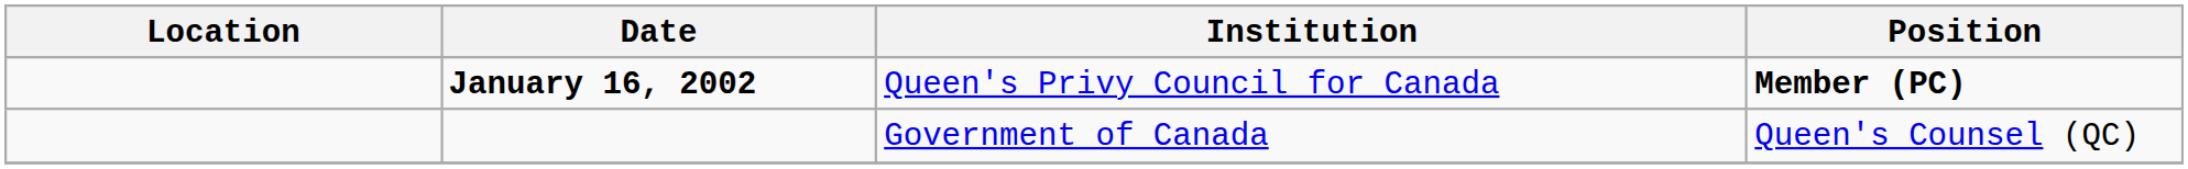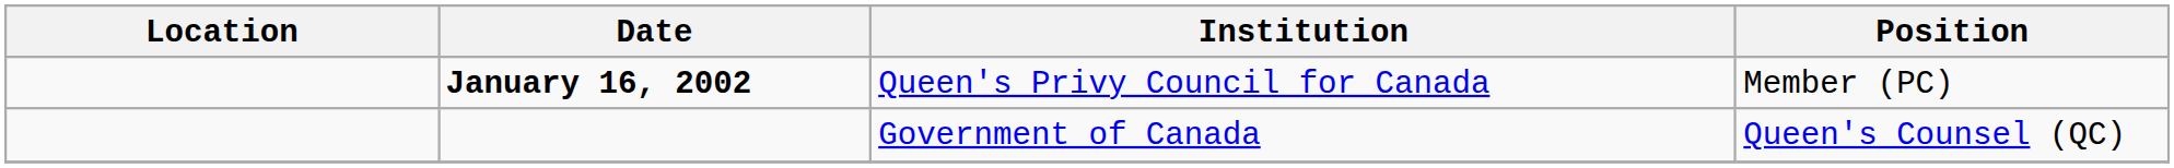 <table class="wikitable" style="width:100%;">
 <tr>
 <th style="width:20%;">Location</th>
 <th style="width:20%;">Date</th>
 <th style="width:40%;">Institution</th>
 <th style="width:20%;">Position</th>
 </tr>
 <tr>
 <td></td>
 <td><strong>January 16, 2002</strong></td>
 <td><a href='#'>Queen's Privy Council for Canada</a></td>
-<td><strong>Member (PC)</strong></td>
+<td>Member (PC)</td>
 </tr>
 <tr>
 <td></td>
 <td><strong></strong></td>
 <td><a href='#'>Government of Canada</a></td>
 <td><a href='#'>Queen's Counsel</a> (QC)</td>
 </tr>
 <tr>
 </tr>
 </table>
